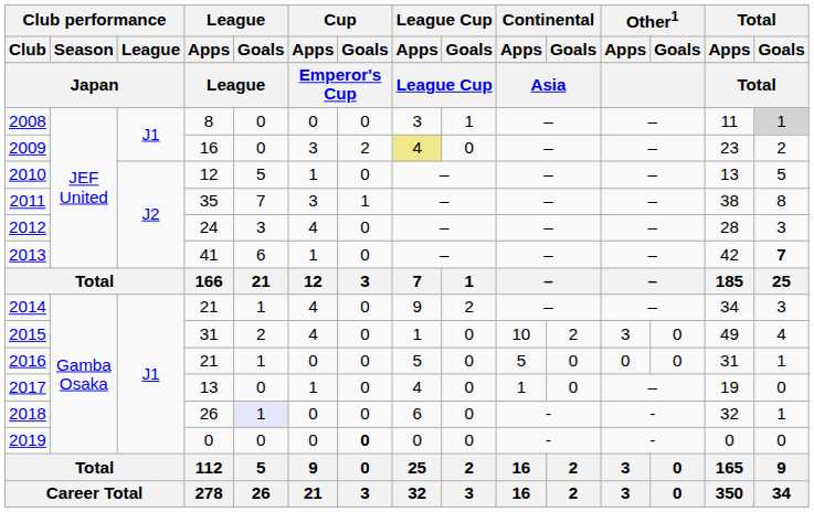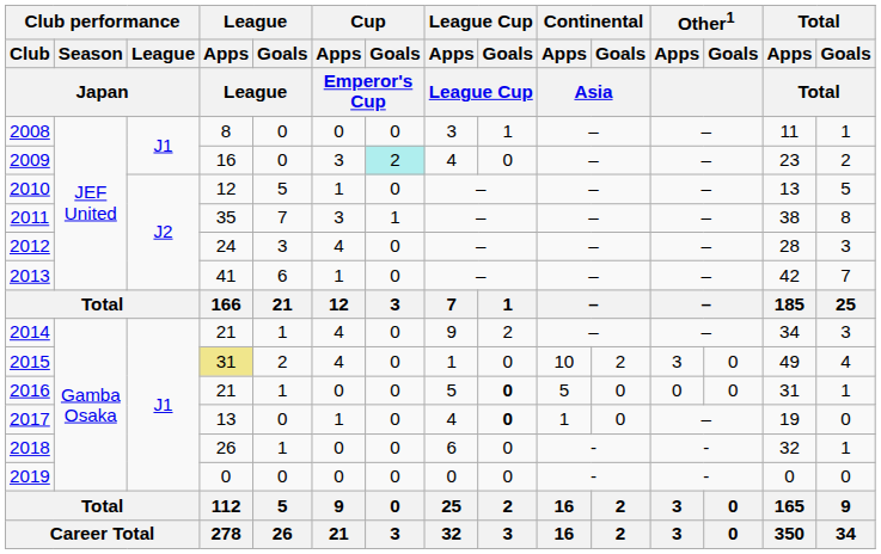 <table class="wikitable" style="text-align:center">
 <tr>
 <th colspan=3>Club performance</th>
 <th colspan=2>League</th>
 <th colspan=2>Cup</th>
 <th colspan=2>League Cup</th>
 <th colspan=2>Continental</th>
 <th colspan=2>Other<sup>1</sup></th>
 <th colspan=2>Total</th>
 </tr>
 <tr>
 <th>Club</th>
 <th>Season</th>
 <th>League</th>
 <th>Apps</th>
 <th>Goals</th>
 <th>Apps</th>
 <th>Goals</th>
 <th>Apps</th>
 <th>Goals</th>
 <th>Apps</th>
 <th>Goals</th>
 <th>Apps</th>
 <th>Goals</th>
 <th>Apps</th>
 <th>Goals</th>
 </tr>
 <tr>
 <th colspan=3>Japan</th>
 <th colspan=2>League</th>
 <th colspan=2><a href='#'>Emperor's Cup</a></th>
 <th colspan=2><a href='#'>League Cup</a></th>
 <th colspan=2><a href='#'>Asia</a></th>
 <th colspan=2></th>
 <th colspan=2>Total</th>
 </tr>
 <tr>
 <td><a href='#'>2008</a></td>
 <td rowspan="6"><a href='#'>JEF United</a></td>
 <td rowspan="2"><a href='#'>J1</a></td>
 <td>8</td>
 <td>0</td>
 <td>0</td>
 <td>0</td>
 <td>3</td>
 <td>1</td>
 <td colspan="2">–</td>
 <td colspan="2">–</td>
 <td>11</td>
-<td style="background: lightgrey;">1</td>
+<td>1</td>
 </tr>
 <tr>
 <td><a href='#'>2009</a></td>
 <td>16</td>
 <td>0</td>
 <td>3</td>
-<td>2</td>
-<td style="background: khaki;">4</td>
+<td style="background: paleturquoise;">2</td>
+<td>4</td>
 <td>0</td>
 <td colspan="2">–</td>
 <td colspan="2">–</td>
 <td>23</td>
 <td>2</td>
 </tr>
 <tr>
 <td><a href='#'>2010</a></td>
 <td rowspan="4"><a href='#'>J2</a></td>
 <td>12</td>
 <td>5</td>
 <td>1</td>
 <td>0</td>
 <td colspan="2">–</td>
 <td colspan="2">–</td>
 <td colspan="2">–</td>
 <td>13</td>
 <td>5</td>
 </tr>
 <tr>
 <td><a href='#'>2011</a></td>
 <td>35</td>
 <td>7</td>
 <td>3</td>
 <td>1</td>
 <td colspan="2">–</td>
 <td colspan="2">–</td>
 <td colspan="2">–</td>
 <td>38</td>
 <td>8</td>
 </tr>
 <tr>
 <td><a href='#'>2012</a></td>
 <td>24</td>
 <td>3</td>
 <td>4</td>
 <td>0</td>
 <td colspan="2">–</td>
 <td colspan="2">–</td>
 <td colspan="2">–</td>
 <td>28</td>
 <td>3</td>
 </tr>
 <tr>
 <td><a href='#'>2013</a></td>
 <td>41</td>
 <td>6</td>
 <td>1</td>
 <td>0</td>
 <td colspan="2">–</td>
 <td colspan="2">–</td>
 <td colspan="2">–</td>
 <td>42</td>
-<td><strong>7</strong></td>
+<td>7</td>
 </tr>
 <tr>
 <th colspan=3>Total</th>
 <th>166</th>
 <th>21</th>
 <th>12</th>
 <th>3</th>
 <th>7</th>
 <th>1</th>
 <th colspan="2">–</th>
 <th colspan="2">–</th>
 <th>185</th>
 <th>25</th>
 </tr>
 <tr>
 <td><a href='#'>2014</a></td>
 <td rowspan="6"><a href='#'>Gamba Osaka</a></td>
 <td rowspan="6"><a href='#'>J1</a></td>
 <td>21</td>
 <td>1</td>
 <td>4</td>
 <td>0</td>
 <td>9</td>
 <td>2</td>
 <td colspan="2">–</td>
 <td colspan="2">–</td>
 <td>34</td>
 <td>3</td>
 </tr>
 <tr>
 <td><a href='#'>2015</a></td>
-<td>31</td>
+<td style="background: khaki;">31</td>
 <td>2</td>
 <td>4</td>
 <td>0</td>
 <td>1</td>
 <td>0</td>
 <td>10</td>
 <td>2</td>
 <td>3</td>
 <td>0</td>
 <td>49</td>
 <td>4</td>
 </tr>
 <tr>
 <td><a href='#'>2016</a></td>
 <td>21</td>
 <td>1</td>
 <td>0</td>
 <td>0</td>
 <td>5</td>
-<td>0</td>
+<td><strong>0</strong></td>
 <td>5</td>
 <td>0</td>
 <td>0</td>
 <td>0</td>
 <td>31</td>
 <td>1</td>
 </tr>
 <tr>
 <td><a href='#'>2017</a></td>
 <td>13</td>
 <td>0</td>
 <td>1</td>
 <td>0</td>
 <td>4</td>
-<td>0</td>
+<td><strong>0</strong></td>
 <td>1</td>
 <td>0</td>
 <td colspan="2">–</td>
 <td>19</td>
 <td>0</td>
 </tr>
 <tr>
 <td><a href='#'>2018</a></td>
 <td>26</td>
-<td style="background: lavender;">1</td>
+<td>1</td>
 <td>0</td>
 <td>0</td>
 <td>6</td>
 <td>0</td>
 <td colspan="2">-</td>
 <td colspan="2">-</td>
 <td>32</td>
 <td>1</td>
 </tr>
 <tr>
 <td><a href='#'>2019</a></td>
 <td>0</td>
 <td>0</td>
 <td>0</td>
-<td><strong>0</strong></td>
+<td>0</td>
 <td>0</td>
 <td>0</td>
 <td colspan="2">-</td>
 <td colspan="2">-</td>
 <td>0</td>
 <td>0</td>
 </tr>
 <tr>
 <th colspan=3>Total</th>
 <th>112</th>
 <th>5</th>
 <th>9</th>
 <th>0</th>
 <th>25</th>
 <th>2</th>
 <th>16</th>
 <th>2</th>
 <th>3</th>
 <th>0</th>
 <th>165</th>
 <th>9</th>
 </tr>
 <tr>
 <th colspan=3>Career Total</th>
 <th>278</th>
 <th>26</th>
 <th>21</th>
 <th>3</th>
 <th>32</th>
 <th>3</th>
 <th>16</th>
 <th>2</th>
 <th>3</th>
 <th>0</th>
 <th>350</th>
 <th>34</th>
 </tr>
 </table>
